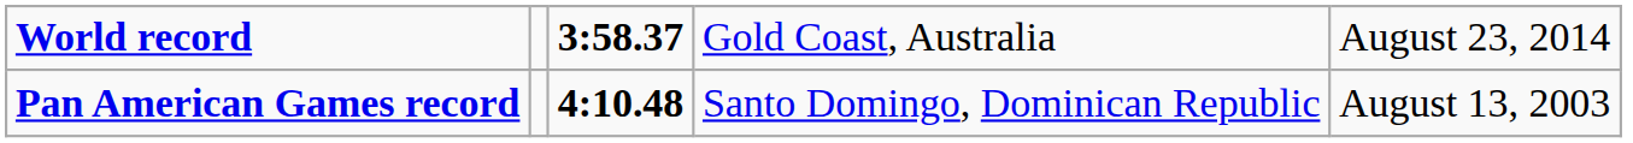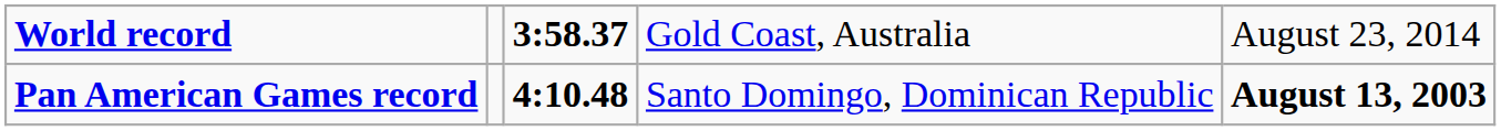 <table class="wikitable">
 <tr>
 <td><strong><a href='#'>World record</a></strong></td>
 <td></td>
 <td><strong>3:58.37</strong></td>
 <td><a href='#'>Gold Coast</a>, Australia</td>
 <td>August 23, 2014</td>
 </tr>
 <tr>
 <td><strong><a href='#'>Pan American Games record</a></strong></td>
 <td></td>
 <td><strong>4:10.48</strong></td>
 <td><a href='#'>Santo Domingo</a>, <a href='#'>Dominican Republic</a></td>
-<td>August 13, 2003</td>
+<td><strong>August 13, 2003</strong></td>
 </tr>
 </table>
